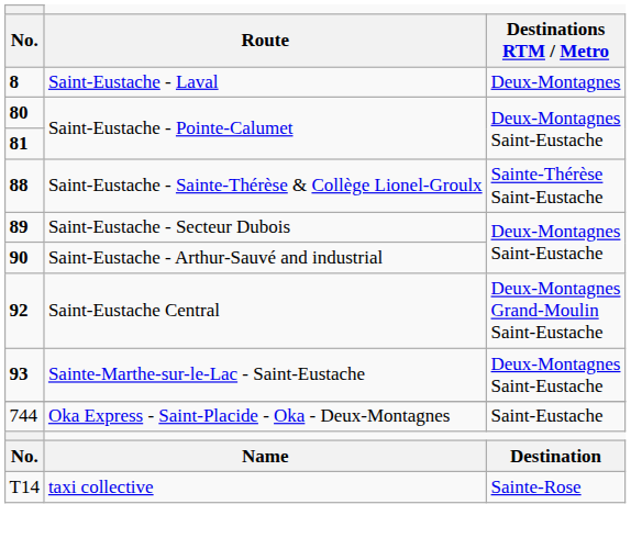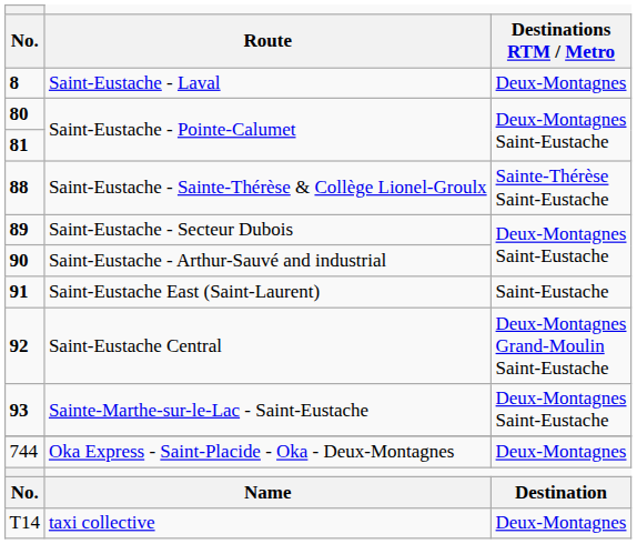 <table class="wikitable" style="font-size:90%; border:1px;">
 <tr>
 <th style="background: #"></th>
 </tr>
 <tr>
 <th>No.</th>
 <th>Route</th>
 <th>Destinations<br><a href='#'>RTM</a> / <a href='#'>Metro</a></th>
 </tr>
 <tr>
 <td><strong>8</strong></td>
 <td><a href='#'>Saint-Eustache</a> - <a href='#'>Laval</a></td>
 <td><a href='#'>Deux-Montagnes</a></td>
 </tr>
 <tr>
 <td><strong>80</strong></td>
 <td Rowspan="2">Saint-Eustache - <a href='#'>Pointe-Calumet</a></td>
 <td Rowspan="2"><a href='#'>Deux-Montagnes</a><br>Saint-Eustache</td>
 </tr>
 <tr>
 <td><strong>81</strong></td>
 </tr>
 <tr>
 <td><strong>88</strong></td>
 <td>Saint-Eustache - <a href='#'>Sainte-Thérèse</a> & <a href='#'>Collège Lionel-Groulx</a></td>
 <td><a href='#'>Sainte-Thérèse</a><br> Saint-Eustache</td>
 </tr>
 <tr>
 <td><strong>89</strong></td>
 <td>Saint-Eustache - Secteur Dubois</td>
 <td Rowspan="2"><a href='#'>Deux-Montagnes</a><br> Saint-Eustache</td>
 </tr>
 <tr>
 <td><strong>90</strong></td>
 <td>Saint-Eustache - Arthur-Sauvé and industrial</td>
 </tr>
 <tr>
+<td><strong>91</strong></td>
+<td>Saint-Eustache East (Saint-Laurent)</td>
+<td>Saint-Eustache</td>
+</tr>
+<tr>
 <td><strong>92</strong></td>
 <td>Saint-Eustache Central</td>
 <td><a href='#'>Deux-Montagnes</a><br><a href='#'>Grand-Moulin</a><br> Saint-Eustache</td>
 </tr>
 <tr>
 <td><strong>93</strong></td>
 <td><a href='#'>Sainte-Marthe-sur-le-Lac</a> - Saint-Eustache</td>
 <td><a href='#'>Deux-Montagnes</a><br> Saint-Eustache</td>
 </tr>
 <tr align="left">
 </tr>
 <tr>
 <td>744</td>
 <td><a href='#'>Oka Express</a> - <a href='#'>Saint-Placide</a> - <a href='#'>Oka</a> - Deux-Montagnes</td>
-<td>Saint-Eustache</td>
+<td><a href='#'>Deux-Montagnes</a></td>
 </tr>
 <tr>
 <th style="background: #"></th>
 </tr>
 <tr>
 <th>No.</th>
 <th>Name</th>
 <th>Destination</th>
 </tr>
 <tr>
 <td>T14</td>
 <td><a href='#'>taxi collective</a></td>
-<td><a href='#'>Sainte-Rose</a></td>
+<td><a href='#'>Deux-Montagnes</a></td>
 </tr>
 </table>
